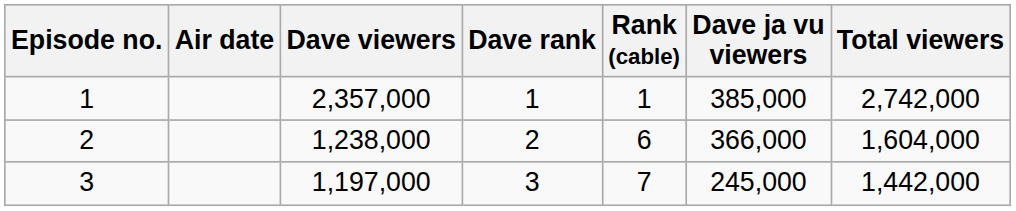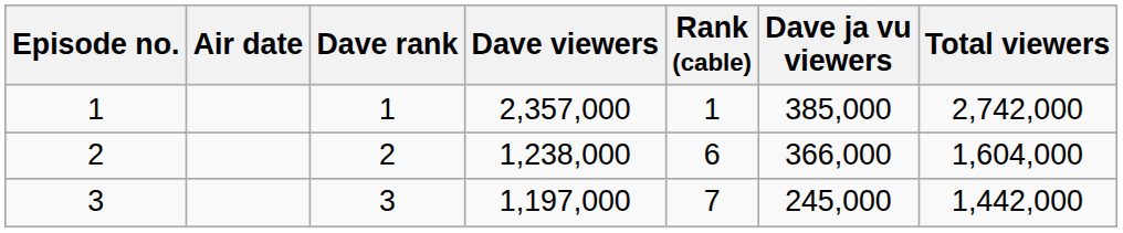 <table style="text-align:center;" class="wikitable">
 <tr>
 <th scope="col">Episode no.</th>
 <th scope="col">Air date</th>
+<th scope="col">Dave rank</th>
 <th scope="col">Dave viewers</th>
-<th scope="col">Dave rank</th>
 <th scope="col">Rank<br><small>(cable)</small></th>
 <th scope="col">Dave ja vu<br>viewers</th>
 <th scope="col">Total viewers</th>
 </tr>
 <tr>
 <td>1</td>
 <td></td>
+<td>1</td>
 <td>2,357,000</td>
-<td>1</td>
 <td>1</td>
 <td>385,000</td>
 <td>2,742,000</td>
 </tr>
 <tr>
 <td>2</td>
 <td></td>
+<td>2</td>
 <td>1,238,000</td>
-<td>2</td>
 <td>6</td>
 <td>366,000</td>
 <td>1,604,000</td>
 </tr>
 <tr>
 <td>3</td>
 <td></td>
+<td>3</td>
 <td>1,197,000</td>
-<td>3</td>
 <td>7</td>
 <td>245,000</td>
 <td>1,442,000</td>
 </tr>
 </table>
